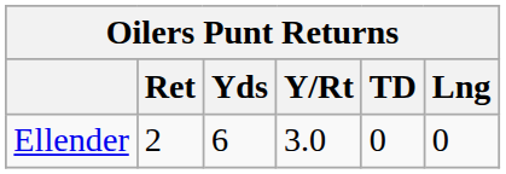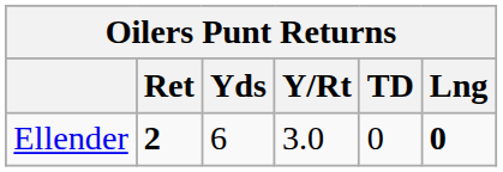 <table class="wikitable">
 <tr>
 <th colspan="6">Oilers Punt Returns</th>
 </tr>
 <tr>
 <th></th>
 <th>Ret</th>
 <th>Yds</th>
 <th>Y/Rt</th>
 <th>TD</th>
 <th>Lng</th>
 </tr>
 <tr>
 <td><a href='#'>Ellender</a></td>
-<td>2</td>
+<td><strong>2</strong></td>
 <td>6</td>
 <td>3.0</td>
 <td>0</td>
-<td>0</td>
+<td><strong>0</strong></td>
 </tr>
 </table>
